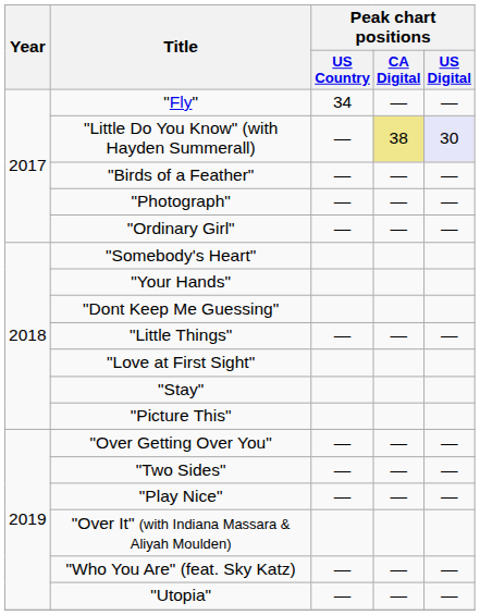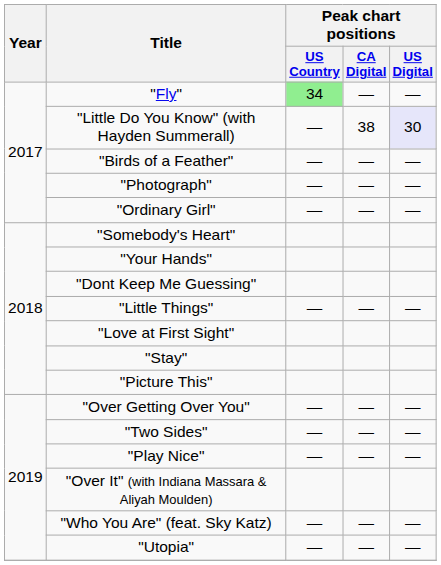 <table class="wikitable plainrowheaders" style="text-align:center;">
 <tr>
 <th rowspan="2" scope="col" style="width:1em;">Year</th>
 <th rowspan="2" scope="col" style="width:15em;">Title</th>
 <th colspan="3">Peak chart positions</th>
 </tr>
 <tr>
 <th scope="col" style="width:3em;font-size:85%;"><a href='#'>US<br>Country</a><br></th>
 <th scope="col" style="width:3em;font-size:85%;"><a href='#'>CA<br>Digital</a><br></th>
 <th scope="col" style="width:3em;font-size:85%;"><a href='#'>US<br>Digital</a><br></th>
 </tr>
 <tr>
 <td rowspan="5">2017</td>
 <td scope="row">"<a href='#'>Fly</a>"</td>
-<td>34</td>
+<td style="background: lightgreen;">34</td>
 <td>—</td>
 <td>—</td>
 </tr>
 <tr>
 <td scope="row">"Little Do You Know" <span>(with Hayden Summerall)</span></td>
 <td>—</td>
-<td style="background: khaki;">38</td>
+<td>38</td>
 <td style="background: lavender;">30</td>
 </tr>
 <tr>
 <td scope="row">"Birds of a Feather"</td>
 <td>—</td>
 <td>—</td>
 <td>—</td>
 </tr>
 <tr>
 <td scope="row">"Photograph"</td>
 <td>—</td>
 <td>—</td>
 <td>—</td>
 </tr>
 <tr>
 <td scope="row">"Ordinary Girl"</td>
 <td>—</td>
 <td>—</td>
 <td>—</td>
 </tr>
 <tr>
 <td rowspan="7">2018</td>
 <td>"Somebody's Heart"</td>
 <td></td>
 <td></td>
 <td></td>
 </tr>
 <tr>
 <td>"Your Hands"</td>
 <td></td>
 <td></td>
 <td></td>
 </tr>
 <tr>
 <td>"Dont Keep Me Guessing"</td>
 <td></td>
 <td></td>
 <td></td>
 </tr>
 <tr>
 <td scope="row">"Little Things"</td>
 <td>—</td>
 <td>—</td>
 <td>—</td>
 </tr>
 <tr>
 <td>"Love at First Sight"</td>
 <td></td>
 <td></td>
 <td></td>
 </tr>
 <tr>
 <td>"Stay"</td>
 <td></td>
 <td></td>
 <td></td>
 </tr>
 <tr>
 <td>"Picture This"</td>
 <td></td>
 <td></td>
 <td></td>
 </tr>
 <tr>
 <td rowspan="6">2019</td>
 <td scope="row">"Over Getting Over You"</td>
 <td>—</td>
 <td>—</td>
 <td>—</td>
 </tr>
 <tr>
 <td scope="row">"Two Sides"</td>
 <td>—</td>
 <td>—</td>
 <td>—</td>
 </tr>
 <tr>
 <td scope="row">"Play Nice"</td>
 <td>—</td>
 <td>—</td>
 <td>—</td>
 </tr>
 <tr>
 <td>"Over It" <small>(with Indiana Massara & Aliyah Moulden)</small></td>
 <td></td>
 <td></td>
 <td></td>
 </tr>
 <tr>
 <td scope="row">"Who You Are" <span>(feat. Sky Katz)</span></td>
 <td>—</td>
 <td>—</td>
 <td>—</td>
 </tr>
 <tr>
 <td scope="row">"Utopia"</td>
 <td>—</td>
 <td>—</td>
 <td>—</td>
 </tr>
 <tr>
 </tr>
 </table>
